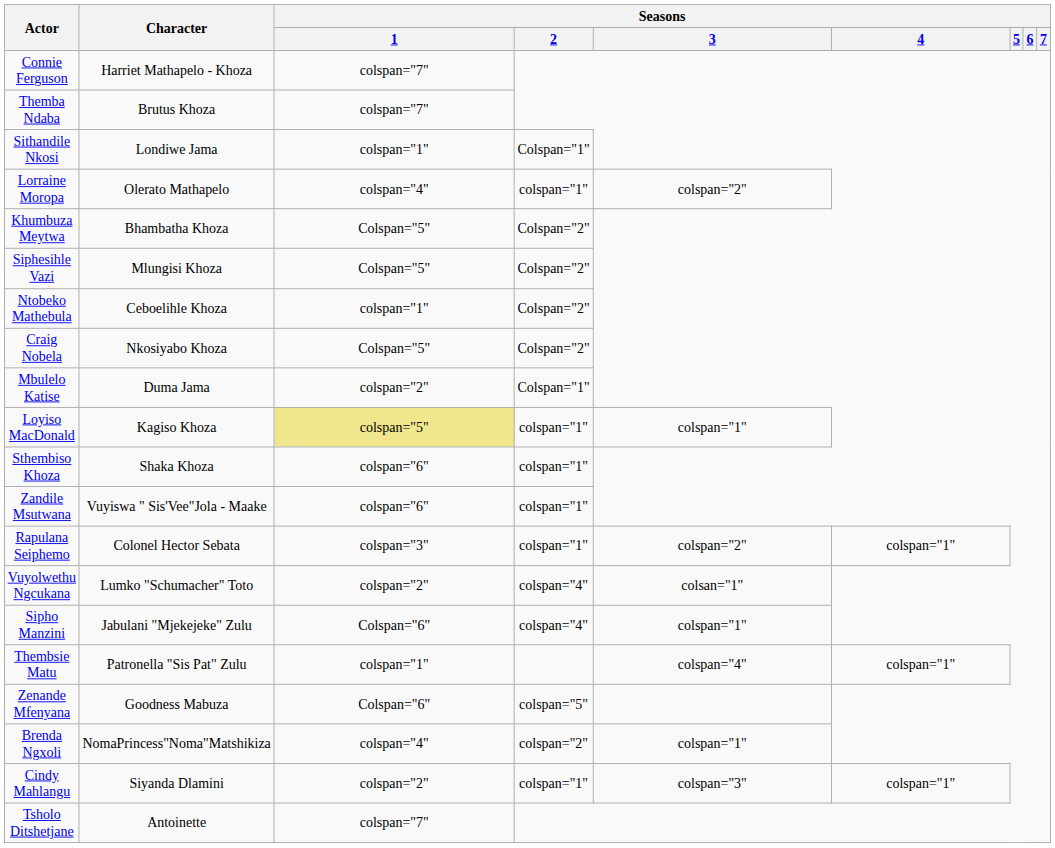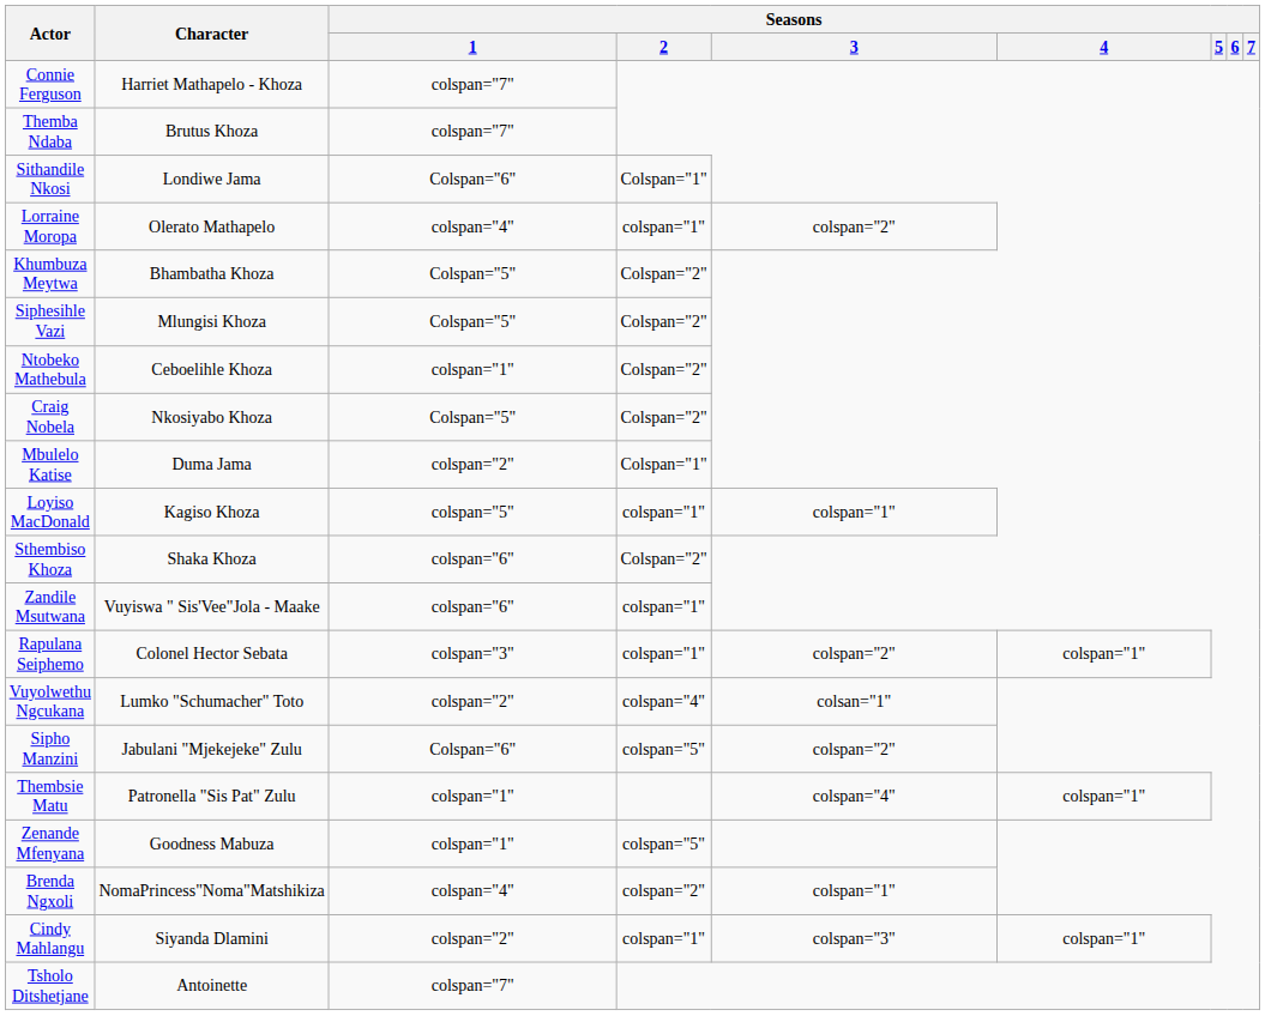 <table class="wikitable plainrowheaders" style="text-align:center; font-size:95%; width:90% ">
 <tr>
 <th style="width:4%;" rowspan="2">Actor</th>
 <th style="width:4%;" rowspan="2">Character</th>
 <th colspan="7">Seasons</th>
 </tr>
 <tr>
 <th style="width:34%;"><a href='#'>1</a></th>
 <th style="width:34;"><a href='#'>2</a></th>
 <th style="width:34%;"><a href='#'>3</a></th>
 <th style="width:34%;"><a href='#'>4</a></th>
 <th style="width:45%;"><a href='#'>5</a></th>
 <th style="width:45%;"><a href='#'>6</a></th>
 <th style="width:45%;"><a href='#'>7</a></th>
 </tr>
 <tr>
 <td><a href='#'>Connie Ferguson</a></td>
 <td>Harriet Mathapelo - Khoza</td>
 <td>colspan="7" </td>
 </tr>
 <tr>
 <td><a href='#'>Themba Ndaba</a></td>
 <td>Brutus Khoza</td>
 <td>colspan="7" </td>
 </tr>
 <tr>
 <td><a href='#'>Sithandile Nkosi</a></td>
 <td>Londiwe Jama</td>
-<td>colspan="1" </td>
+<td>Colspan="6" </td>
 <td>Colspan="1" </td>
 </tr>
 <tr>
 <td><a href='#'>Lorraine Moropa</a></td>
 <td>Olerato Mathapelo</td>
 <td>colspan="4" </td>
 <td>colspan="1" </td>
 <td>colspan="2" </td>
 </tr>
 <tr>
 <td><a href='#'>Khumbuza Meytwa</a></td>
 <td>Bhambatha Khoza</td>
 <td>Colspan="5" </td>
 <td>Colspan="2" </td>
 </tr>
 <tr>
 <td><a href='#'>Siphesihle Vazi</a></td>
 <td>Mlungisi Khoza</td>
 <td>Colspan="5" </td>
 <td>Colspan="2" </td>
 </tr>
 <tr>
 <td><a href='#'>Ntobeko Mathebula</a></td>
 <td>Ceboelihle Khoza</td>
 <td>colspan="1" </td>
 <td>Colspan="2" </td>
 </tr>
 <tr>
 <td><a href='#'>Craig Nobela</a></td>
 <td>Nkosiyabo Khoza</td>
 <td>Colspan="5" </td>
 <td>Colspan="2" </td>
 </tr>
 <tr>
 <td><a href='#'>Mbulelo Katise</a></td>
 <td>Duma Jama</td>
 <td>colspan="2" </td>
 <td>Colspan="1" </td>
 </tr>
 <tr>
 <td><a href='#'>Loyiso MacDonald</a></td>
 <td>Kagiso Khoza</td>
-<td style="background: khaki;">colspan="5" </td>
+<td>colspan="5" </td>
 <td>colspan="1" </td>
 <td>colspan="1" </td>
 </tr>
 <tr>
 <td><a href='#'>Sthembiso Khoza</a></td>
 <td>Shaka Khoza</td>
 <td>colspan="6" </td>
-<td>colspan="1" </td>
+<td>Colspan="2" </td>
 </tr>
 <tr>
 <td><a href='#'>Zandile Msutwana</a></td>
 <td>Vuyiswa " Sis'Vee"Jola - Maake</td>
 <td>colspan="6" </td>
 <td>colspan="1" </td>
 </tr>
 <tr>
 <td><a href='#'>Rapulana Seiphemo</a></td>
 <td>Colonel Hector Sebata</td>
 <td>colspan="3" </td>
 <td>colspan="1" </td>
 <td>colspan="2" </td>
 <td>colspan="1" </td>
 </tr>
 <tr>
 <td><a href='#'>Vuyolwethu Ngcukana</a></td>
 <td>Lumko "Schumacher" Toto</td>
 <td>colspan="2" </td>
 <td>colspan="4" </td>
 <td>colsan="1"</td>
 </tr>
 <tr>
 <td><a href='#'>Sipho Manzini</a></td>
 <td>Jabulani "Mjekejeke" Zulu</td>
 <td>Colspan="6" </td>
-<td>colspan="4" </td>
-<td>colspan="1" </td>
+<td>colspan="5" </td>
+<td>colspan="2" </td>
 </tr>
 <tr>
 <td><a href='#'>Thembsie Matu</a></td>
 <td>Patronella "Sis Pat" Zulu</td>
 <td>colspan="1" </td>
 <td></td>
 <td>colspan="4" </td>
 <td>colspan="1" </td>
 </tr>
 <tr>
 <td><a href='#'>Zenande Mfenyana</a></td>
 <td>Goodness Mabuza</td>
-<td>Colspan="6" </td>
+<td>colspan="1" </td>
 <td>colspan="5" </td>
 <td></td>
 </tr>
 <tr>
 <td><a href='#'>Brenda Ngxoli</a></td>
 <td>NomaPrincess"Noma"Matshikiza</td>
 <td>colspan="4" </td>
 <td>colspan="2" </td>
 <td>colspan="1" </td>
 </tr>
 <tr>
 <td><a href='#'>Cindy Mahlangu</a></td>
 <td>Siyanda Dlamini</td>
 <td>colspan="2" </td>
 <td>colspan="1" </td>
 <td>colspan="3" </td>
 <td>colspan="1" </td>
 </tr>
 <tr>
 <td><a href='#'>Tsholo Ditshetjane</a></td>
 <td>Antoinette</td>
 <td>colspan="7" </td>
 </tr>
 </table>
